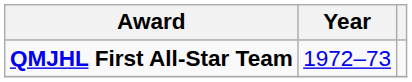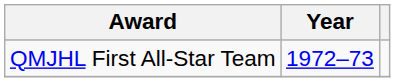 <table class="wikitable">
 <tr>
 <th>Award</th>
 <th>Year</th>
 <th></th>
 </tr>
 <tr>
-<td><strong><a href='#'>QMJHL</a> First All-Star Team</strong></td>
+<td><a href='#'>QMJHL</a> First All-Star Team</td>
 <td><a href='#'>1972–73</a></td>
 <td></td>
 </tr>
 <tr>
 </tr>
 </table>
